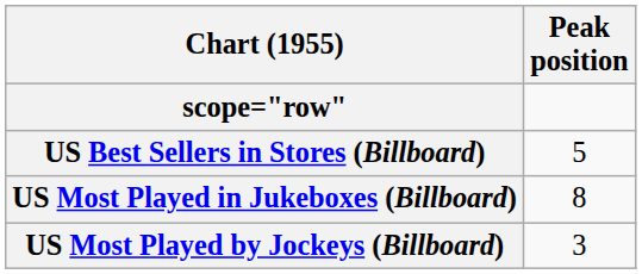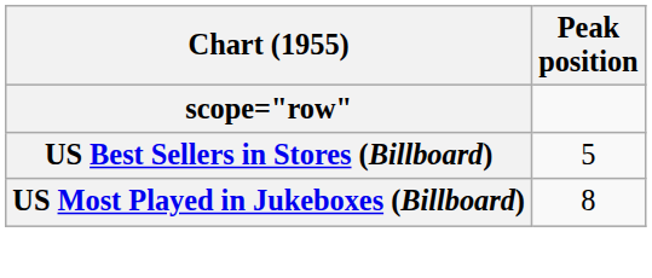 <table class="wikitable sortable plainrowheaders" style="text-align:center;">
 <tr>
 <th scope="col">Chart (1955)</th>
 <th scope="col">Peak<br>position</th>
 </tr>
 <tr>
 <th>scope="row"</th>
 </tr>
 <tr>
 <th scope="row">US <a href='#'>Best Sellers in Stores</a> (<em>Billboard</em>)</th>
 <td align="center">5</td>
 </tr>
 <tr>
 <th scope="row">US <a href='#'>Most Played in Jukeboxes</a> (<em>Billboard</em>)</th>
 <td align="center">8</td>
 </tr>
-<tr>
-<th scope="row">US <a href='#'>Most Played by Jockeys</a> (<em>Billboard</em>)</th>
-<td align="center">3</td>
-</tr>
 </table>
